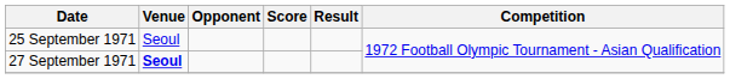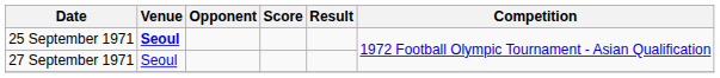 <table class="wikitable collapsible" style="font-size:90%">
 <tr>
 <th>Date</th>
 <th>Venue</th>
 <th>Opponent</th>
 <th>Score</th>
 <th>Result</th>
 <th>Competition</th>
 </tr>
 <tr>
 <td>25 September 1971</td>
-<td><a href='#'>Seoul</a></td>
+<td><strong><a href='#'>Seoul</a></strong></td>
 <td></td>
 <td></td>
 <td></td>
 <td rowspan=2><a href='#'>1972 Football Olympic Tournament - Asian Qualification</a></td>
 </tr>
 <tr>
 <td>27 September 1971</td>
-<td><strong><a href='#'>Seoul</a></strong></td>
+<td><a href='#'>Seoul</a></td>
 <td></td>
 <td></td>
 <td></td>
 </tr>
 <tr>
 </tr>
 </table>
